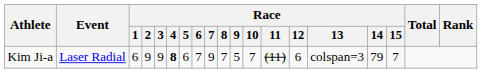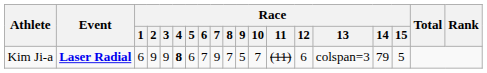 <table class=wikitable style=font-size:90%;text-align:center>
 <tr>
 <th rowspan="2">Athlete</th>
 <th rowspan="2">Event</th>
 <th colspan=15>Race</th>
 <th rowspan=2>Total</th>
 <th rowspan=2>Rank</th>
 </tr>
 <tr style="font-size:95%">
 <th>1</th>
 <th>2</th>
 <th>3</th>
 <th>4</th>
 <th>5</th>
 <th>6</th>
 <th>7</th>
 <th>8</th>
 <th>9</th>
 <th>10</th>
 <th>11</th>
 <th>12</th>
 <th>13</th>
 <th>14</th>
 <th>15</th>
 </tr>
 <tr>
 <td align=left>Kim Ji-a</td>
-<td align=left><a href='#'>Laser Radial</a></td>
+<td align=left><strong><a href='#'>Laser Radial</a></strong></td>
 <td>6</td>
 <td>9</td>
 <td>9</td>
 <td><strong>8</strong></td>
 <td>6</td>
 <td>7</td>
 <td>9</td>
 <td>7</td>
 <td>5</td>
 <td>7</td>
 <td><s>(11)</s><br></td>
 <td>6</td>
 <td>colspan=3 </td>
 <td>79</td>
-<td>7</td>
+<td>5</td>
 </tr>
 </table>
